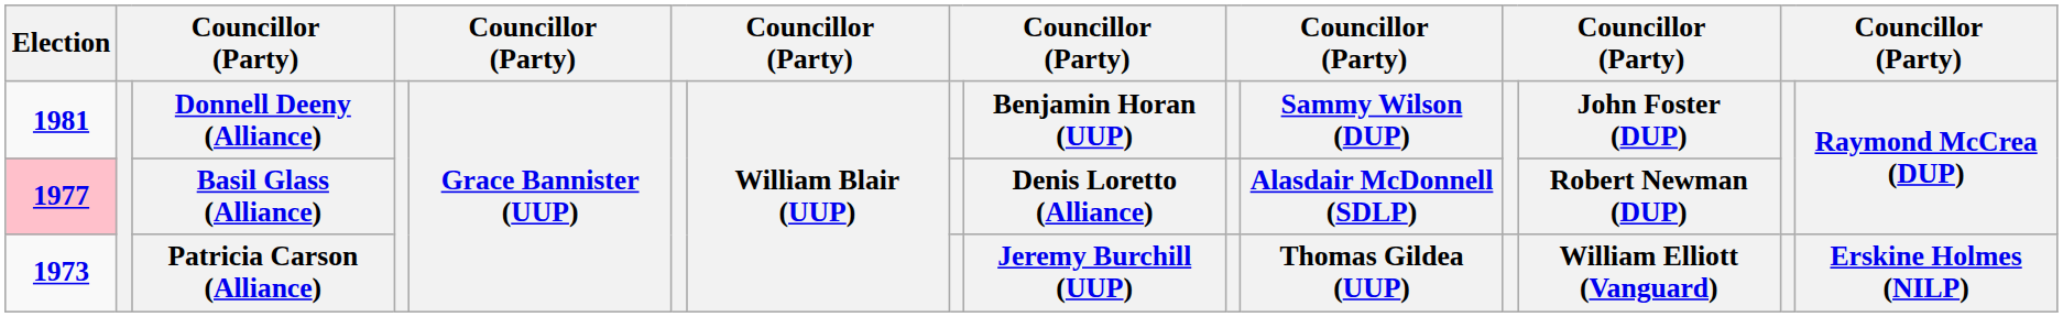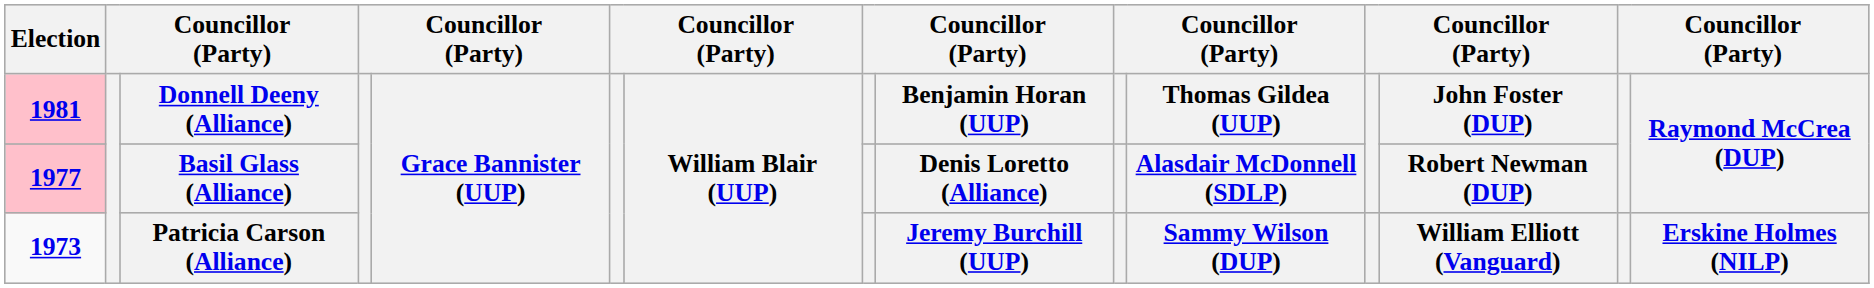 <table class="wikitable" style="text-align:center">
 <tr>
 <th scope="col" width="50">Election</th>
 <th scope="col" width="150" colspan = "2">Councillor<br> (Party)</th>
 <th scope="col" width="150" colspan = "2">Councillor<br> (Party)</th>
 <th scope="col" width="150" colspan = "2">Councillor<br> (Party)</th>
 <th scope="col" width="150" colspan = "2">Councillor<br> (Party)</th>
 <th scope="col" width="150" colspan = "2">Councillor<br> (Party)</th>
 <th scope="col" width="150" colspan = "2">Councillor<br> (Party)</th>
 <th scope="col" width="150" colspan = "2">Councillor<br> (Party)</th>
 </tr>
 <tr>
-<td><strong><a href='#'>1981</a></strong></td>
+<td style="background: pink;"><strong><a href='#'>1981</a></strong></td>
 <th rowspan="3" width="1" style="background-color: "></th>
 <th rowspan = "1"><a href='#'>Donnell Deeny</a> <br> (<a href='#'>Alliance</a>)</th>
 <th rowspan="3" width="1" style="background-color: "></th>
 <th rowspan = "3"><a href='#'>Grace Bannister</a> <br> (<a href='#'>UUP</a>)</th>
 <th rowspan="3" width="1" style="background-color: "></th>
 <th rowspan = "3">William Blair <br> (<a href='#'>UUP</a>)</th>
 <th rowspan="1" width="1" style="background-color: "></th>
 <th rowspan = "1">Benjamin Horan <br> (<a href='#'>UUP</a>)</th>
 <th rowspan="1" width="1" style="background-color: "></th>
-<th rowspan = "1"><a href='#'>Sammy Wilson</a> <br> (<a href='#'>DUP</a>)</th>
+<th rowspan = "1">Thomas Gildea <br> (<a href='#'>UUP</a>)</th>
 <th rowspan="2" width="1" style="background-color: "></th>
 <th rowspan = "1">John Foster <br> (<a href='#'>DUP</a>)</th>
 <th rowspan="2" width="1" style="background-color: "></th>
 <th rowspan = "2"><a href='#'>Raymond McCrea</a> <br> (<a href='#'>DUP</a>)</th>
 </tr>
 <tr>
 <td style="background: pink;"><strong><a href='#'>1977</a></strong></td>
 <th rowspan = "1"><a href='#'>Basil Glass</a> <br> (<a href='#'>Alliance</a>)</th>
 <th rowspan="1" width="1" style="background-color: "></th>
 <th rowspan = "1">Denis Loretto <br> (<a href='#'>Alliance</a>)</th>
 <th rowspan="1" width="1" style="background-color: "></th>
 <th rowspan = "1"><a href='#'>Alasdair McDonnell</a> <br> (<a href='#'>SDLP</a>)</th>
 <th rowspan = "1">Robert Newman <br> (<a href='#'>DUP</a>)</th>
 </tr>
 <tr>
 <td><strong><a href='#'>1973</a></strong></td>
 <th rowspan = "1">Patricia Carson <br> (<a href='#'>Alliance</a>)</th>
 <th rowspan="1" width="1" style="background-color: "></th>
 <th rowspan = "1"><a href='#'>Jeremy Burchill</a> <br> (<a href='#'>UUP</a>)</th>
 <th rowspan="1" width="1" style="background-color: "></th>
-<th rowspan = "1">Thomas Gildea <br> (<a href='#'>UUP</a>)</th>
+<th rowspan = "1"><a href='#'>Sammy Wilson</a> <br> (<a href='#'>DUP</a>)</th>
 <th rowspan="1" width="1" style="background-color: "></th>
 <th rowspan = "1">William Elliott <br> (<a href='#'>Vanguard</a>)</th>
 <th rowspan="1" width="1" style="background-color: "></th>
 <th rowspan = "1"><a href='#'>Erskine Holmes</a> <br> (<a href='#'>NILP</a>)</th>
 </tr>
 </table>
